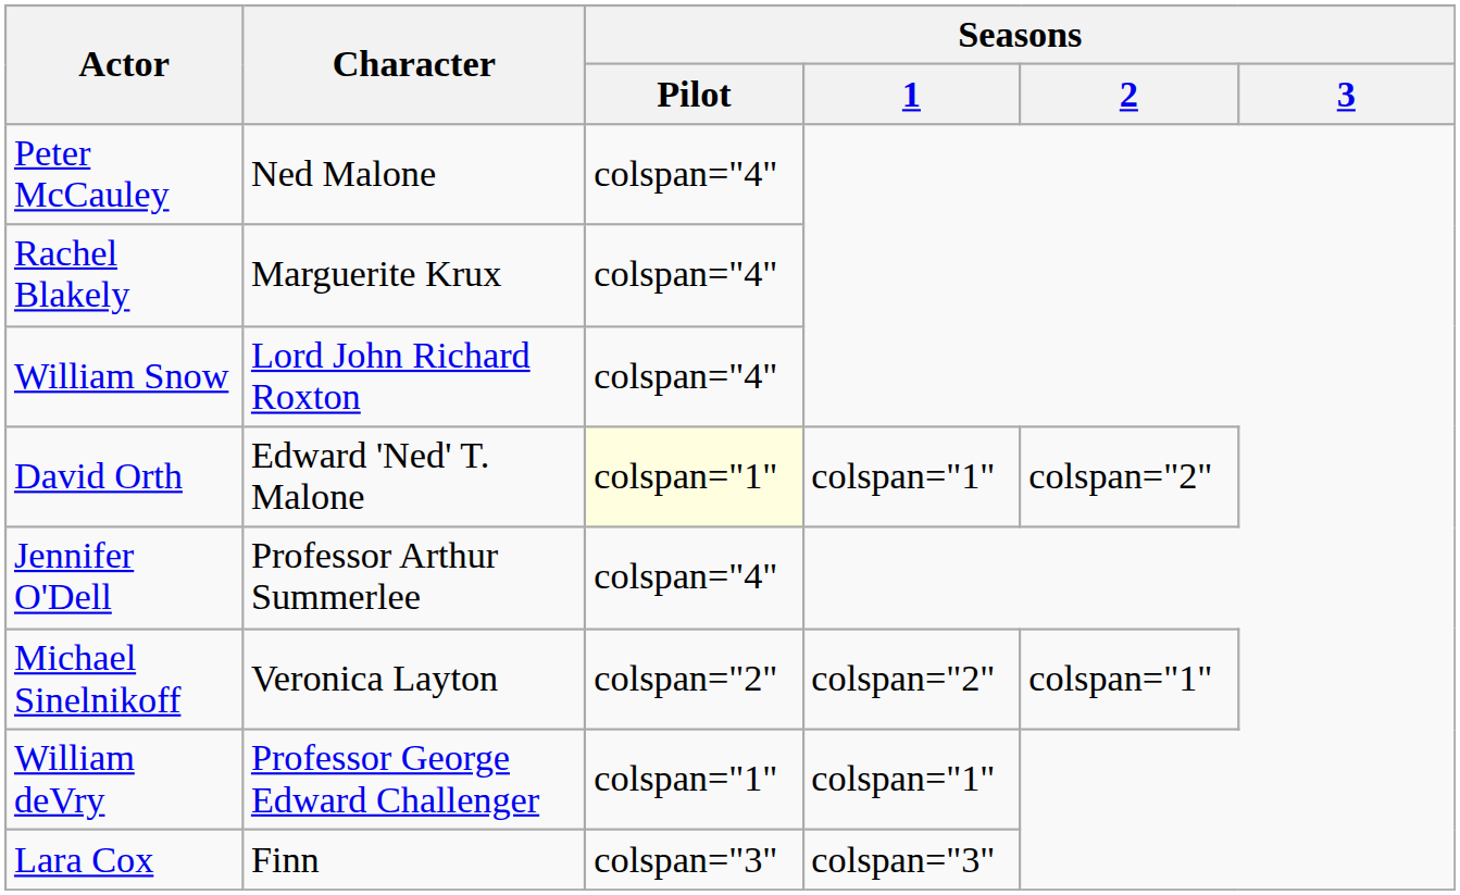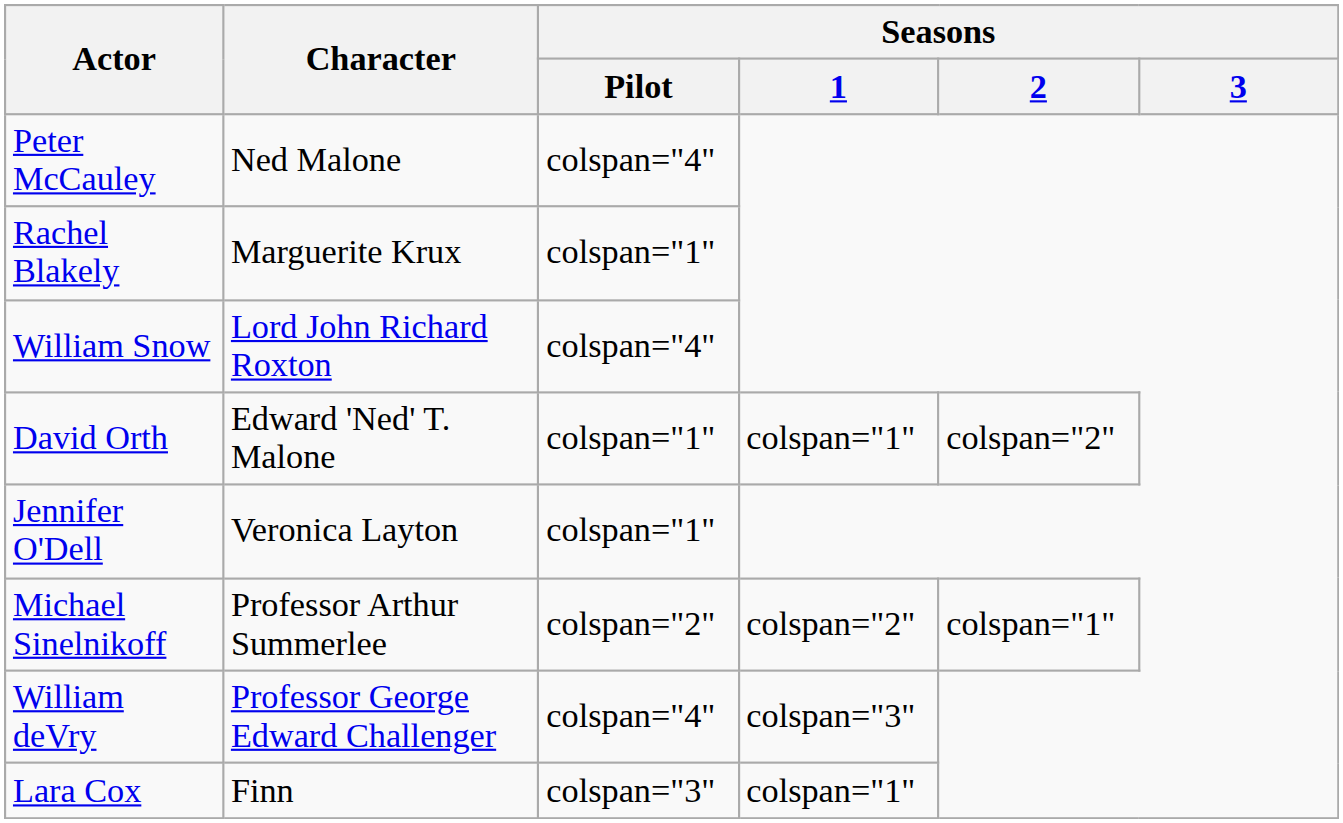 <table class="wikitable" width="100%">
 <tr>
 <th rowspan="2">Actor</th>
 <th rowspan="2">Character</th>
 <th colspan="5">Seasons</th>
 </tr>
 <tr>
 <th style="width:15%;">Pilot</th>
 <th style="width:15%;"><a href='#'>1</a></th>
 <th style="width:15%;"><a href='#'>2</a></th>
 <th style="width:15%;"><a href='#'>3</a></th>
 </tr>
 <tr>
 <td><a href='#'>Peter McCauley</a></td>
 <td>Ned Malone</td>
 <td>colspan="4" </td>
 </tr>
 <tr>
 <td><a href='#'>Rachel Blakely</a></td>
 <td>Marguerite Krux</td>
-<td>colspan="4" </td>
+<td>colspan="1" </td>
 </tr>
 <tr>
 <td><a href='#'>William Snow</a></td>
 <td><a href='#'>Lord John Richard Roxton</a></td>
 <td>colspan="4" </td>
 </tr>
 <tr>
 <td><a href='#'>David Orth</a></td>
 <td>Edward 'Ned' T. Malone</td>
-<td style="background: lightyellow;">colspan="1" </td>
+<td>colspan="1" </td>
 <td>colspan="1" </td>
 <td>colspan="2" </td>
 </tr>
 <tr>
 <td><a href='#'>Jennifer O'Dell</a></td>
-<td>Professor Arthur Summerlee</td>
-<td>colspan="4" </td>
+<td>Veronica Layton</td>
+<td>colspan="1" </td>
 </tr>
 <tr>
 <td><a href='#'>Michael Sinelnikoff</a></td>
-<td>Veronica Layton</td>
+<td>Professor Arthur Summerlee</td>
 <td>colspan="2" </td>
 <td>colspan="2" </td>
 <td>colspan="1" </td>
 </tr>
 <tr>
 <td><a href='#'>William deVry</a></td>
 <td><a href='#'>Professor George Edward Challenger</a></td>
-<td>colspan="1" </td>
-<td>colspan="1" </td>
+<td>colspan="4" </td>
+<td>colspan="3" </td>
 </tr>
 <tr>
 <td><a href='#'>Lara Cox</a></td>
 <td>Finn</td>
 <td>colspan="3" </td>
-<td>colspan="3" </td>
+<td>colspan="1" </td>
 </tr>
 </table>
